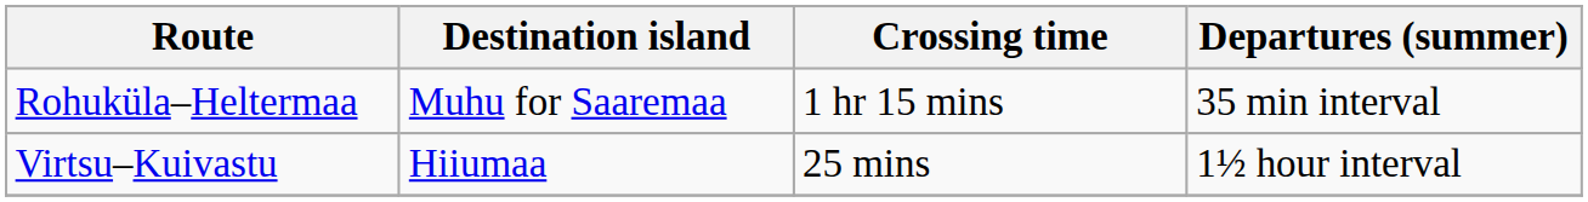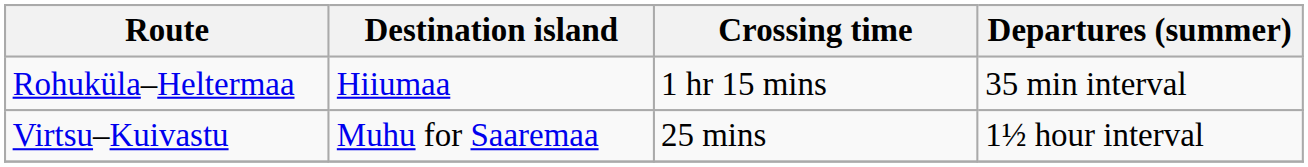 <table class="wikitable sortable" border="1">
 <tr>
 <th width="150" class="unsortable" scope="col">Route</th>
 <th width="150" class="unsortable" scope="col">Destination island</th>
 <th width="150" class="unsortable" scope="col">Crossing time</th>
 <th width="150" class="unsortable" scope="col">Departures (summer)</th>
 </tr>
 <tr>
 <td><a href='#'>Rohuküla</a>–<a href='#'>Heltermaa</a></td>
-<td><a href='#'>Muhu</a> for <a href='#'>Saaremaa</a></td>
+<td><a href='#'>Hiiumaa</a></td>
 <td>1 hr 15 mins</td>
 <td>35 min interval</td>
 </tr>
 <tr>
 <td><a href='#'>Virtsu</a>–<a href='#'>Kuivastu</a></td>
-<td><a href='#'>Hiiumaa</a></td>
+<td><a href='#'>Muhu</a> for <a href='#'>Saaremaa</a></td>
 <td>25 mins</td>
 <td>1½ hour interval</td>
 </tr>
 <tr>
 </tr>
 </table>
